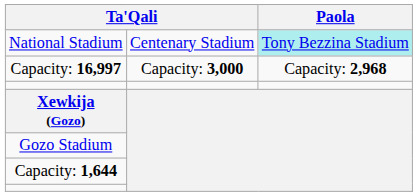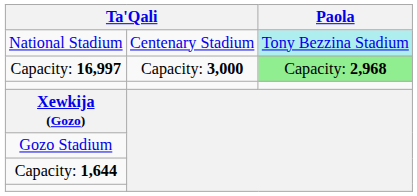 <table class="wikitable" style="margin:1em auto; text-align:center;">
 <tr>
 <th colspan=2><a href='#'>Ta'Qali</a></th>
 <th><a href='#'>Paola</a></th>
 </tr>
 <tr>
 <td><a href='#'>National Stadium</a></td>
 <td><a href='#'>Centenary Stadium</a></td>
 <td style="background: paleturquoise;"><a href='#'>Tony Bezzina Stadium</a></td>
 </tr>
 <tr>
 <td>Capacity: <strong>16,997</strong></td>
 <td>Capacity: <strong>3,000</strong></td>
-<td>Capacity: <strong>2,968</strong></td>
+<td style="background: lightgreen;">Capacity: <strong>2,968</strong></td>
 </tr>
 <tr>
 <td></td>
 <td></td>
 <td></td>
 </tr>
 <tr>
 <th><a href='#'>Xewkija</a><br><small>(<a href='#'>Gozo</a>)</small></th>
 <th rowspan=4 colspan=5 text-align="center"></th>
 </tr>
 <tr>
 <td><a href='#'>Gozo Stadium</a><br></td>
 </tr>
 <tr>
 <td>Capacity: <strong>1,644</strong></td>
 </tr>
 <tr>
 <td></td>
 </tr>
 </table>
